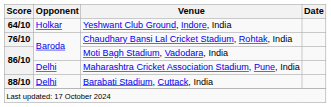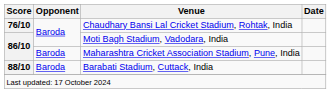 <table class="wikitable sortable" style="text-align:left;font-size:93%;">
 <tr>
 <th><strong>Score</strong></th>
 <th><strong>Opponent</strong></th>
 <th><strong>Venue</strong></th>
 <th><strong>Date</strong></th>
-</tr>
-<tr>
-<th>64/10</th>
-<td><a href='#'>Holkar</a></td>
-<td><a href='#'>Yeshwant Club Ground</a>, <a href='#'>Indore</a>, India</td>
-<td></td>
 </tr>
 <tr>
 <th>76/10</th>
 <td rowspan=2><a href='#'>Baroda</a></td>
 <td><a href='#'>Chaudhary Bansi Lal Cricket Stadium</a>, <a href='#'>Rohtak</a>, India</td>
 <td></td>
 </tr>
 <tr>
 <th rowspan=2>86/10</th>
 <td><a href='#'>Moti Bagh Stadium</a>, <a href='#'>Vadodara</a>, India</td>
 <td></td>
 </tr>
 <tr>
-<td><a href='#'>Delhi</a></td>
+<td><a href='#'>Baroda</a></td>
 <td><a href='#'>Maharashtra Cricket Association Stadium</a>, <a href='#'>Pune</a>, India</td>
 <td></td>
 </tr>
 <tr>
 <th>88/10</th>
-<td><a href='#'>Delhi</a></td>
+<td><a href='#'>Baroda</a></td>
 <td><a href='#'>Barabati Stadium</a>, <a href='#'>Cuttack</a>, India</td>
 <td></td>
 </tr>
 <tr>
 </tr>
 <tr class="sortbottom">
 <td colspan="4"><small>Last updated: 17 October 2024</small></td>
 </tr>
 </table>
